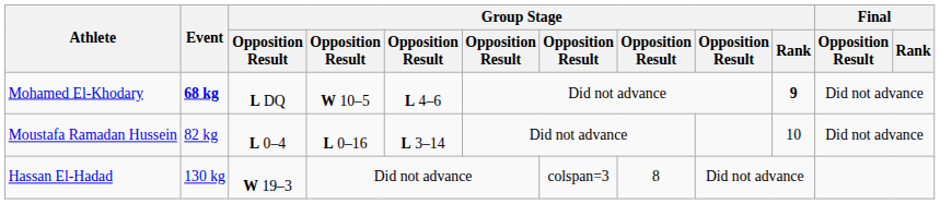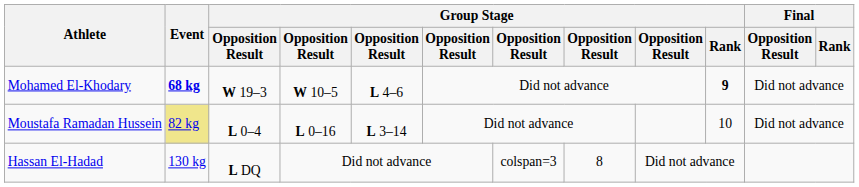 <table class=wikitable style="font-size:90%">
 <tr>
 <th rowspan="2">Athlete</th>
 <th rowspan="2">Event</th>
 <th colspan="8">Group Stage</th>
 <th colspan=2>Final</th>
 </tr>
 <tr>
 <th>Opposition<br>Result</th>
 <th>Opposition<br>Result</th>
 <th>Opposition<br>Result</th>
 <th>Opposition<br>Result</th>
 <th>Opposition<br>Result</th>
 <th>Opposition<br>Result</th>
 <th>Opposition<br>Result</th>
 <th>Rank</th>
 <th>Opposition<br>Result</th>
 <th>Rank</th>
 </tr>
 <tr align=center>
 <td align=left><a href='#'>Mohamed El-Khodary</a></td>
 <td align=left><strong><a href='#'>68 kg</a></strong></td>
-<td><br><strong>L</strong> DQ</td>
+<td><br><strong>W</strong> 19–3</td>
 <td><br><strong>W</strong> 10–5</td>
 <td><br><strong>L</strong> 4–6</td>
 <td colspan=4>Did not advance</td>
 <td><strong>9</strong></td>
 <td colspan=2>Did not advance</td>
 </tr>
 <tr align=center>
 <td align=left><a href='#'>Moustafa Ramadan Hussein</a></td>
-<td align=left><a href='#'>82 kg</a></td>
+<td align=left style="background: khaki;"><a href='#'>82 kg</a></td>
 <td><br><strong>L</strong> 0–4</td>
 <td><br><strong>L</strong> 0–16</td>
 <td><br><strong>L</strong> 3–14</td>
 <td colspan=3>Did not advance</td>
 <td></td>
 <td>10</td>
 <td colspan=2>Did not advance</td>
 </tr>
 <tr align=center>
 <td align=left><a href='#'>Hassan El-Hadad</a></td>
 <td align=left><a href='#'>130 kg</a></td>
-<td><br><strong>W</strong> 19–3</td>
+<td><br><strong>L</strong> DQ</td>
 <td colspan=3>Did not advance</td>
 <td>colspan=3</td>
 <td>8</td>
 <td colspan=2>Did not advance</td>
 </tr>
 </table>
